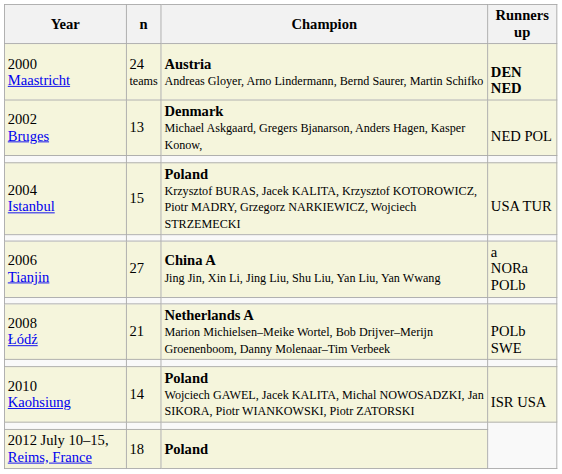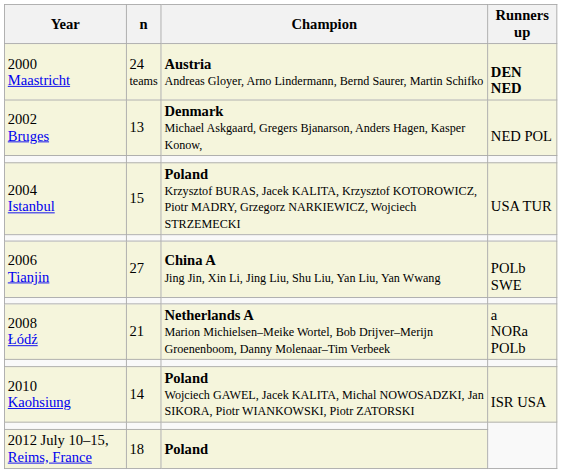 <table class=wikitable>
 <tr>
 <th>Year</th>
 <th>n</th>
 <th>Champion</th>
 <th>Runners up</th>
 </tr>
 <tr bgcolor="beige">
 <td>2000<br><a href='#'>Maastricht</a></td>
 <td>24 <br><small>teams</small></td>
 <td> <strong>Austria</strong> <br><small>Andreas Gloyer, Arno Lindermann, Bernd Saurer, Martin Schifko</small></td>
 <td><strong> <br>DEN NED</strong></td>
 </tr>
 <tr bgcolor="beige">
 <td>2002<br><a href='#'>Bruges</a></td>
 <td>13</td>
 <td> <strong>Denmark</strong> <br><small>Michael Askgaard, Gregers Bjanarson, Anders Hagen, Kasper Konow, </small></td>
 <td> <br>NED POL</td>
 </tr>
 <tr>
 <td></td>
 <td></td>
 <td></td>
 </tr>
 <tr bgcolor="beige">
 <td>2004<br><a href='#'>Istanbul</a></td>
 <td>15</td>
 <td> <strong>Poland</strong> <br><small>Krzysztof BURAS, Jacek KALITA, Krzysztof KOTOROWICZ, Piotr MADRY, Grzegorz NARKIEWICZ, Wojciech STRZEMECKI  </small></td>
 <td> <br>USA TUR</td>
 </tr>
 <tr>
 <td></td>
 <td></td>
 <td></td>
 </tr>
 <tr bgcolor="beige">
 <td>2006<br><a href='#'>Tianjin</a></td>
 <td>27</td>
 <td> <strong>China A</strong> <br><small>Jing Jin, Xin Li, Jing Liu, Shu Liu, Yan Liu, Yan Wwang</small></td>
-<td>a <br>NORa POLb</td>
+<td> <br>POLb SWE</td>
 </tr>
 <tr>
 <td></td>
 <td></td>
 <td></td>
 </tr>
 <tr bgcolor="beige">
 <td>2008<br><a href='#'>Łódź</a></td>
 <td>21</td>
 <td> <strong>Netherlands A</strong> <br><small>Marion Michielsen–Meike Wortel, Bob Drijver–Merijn Groenenboom, Danny Molenaar–Tim Verbeek</small></td>
-<td> <br>POLb SWE</td>
+<td>a <br>NORa POLb</td>
 </tr>
 <tr>
 <td></td>
 <td></td>
 <td></td>
 </tr>
 <tr bgcolor="beige">
 <td>2010  <br><a href='#'>Kaohsiung</a></td>
 <td>14</td>
 <td> <strong>Poland</strong> <br><small>Wojciech GAWEL, Jacek KALITA, Michal NOWOSADZKI, Jan SIKORA, Piotr WIANKOWSKI, Piotr ZATORSKI</small></td>
 <td> <br>ISR USA</td>
 </tr>
 <tr>
 <td></td>
 <td></td>
 <td></td>
 </tr>
 <tr bgcolor="beige">
 <td>2012 July 10–15, <a href='#'>Reims, France</a></td>
 <td>18</td>
 <td> <strong>Poland</strong></td>
 </tr>
 </table>
